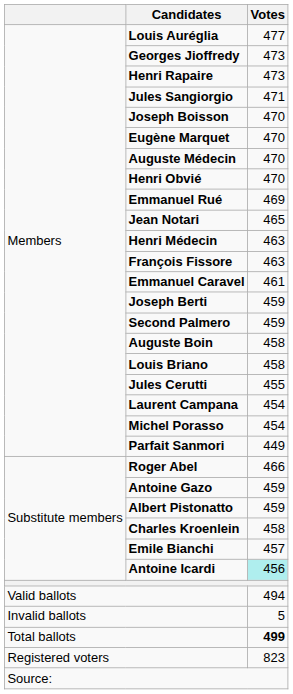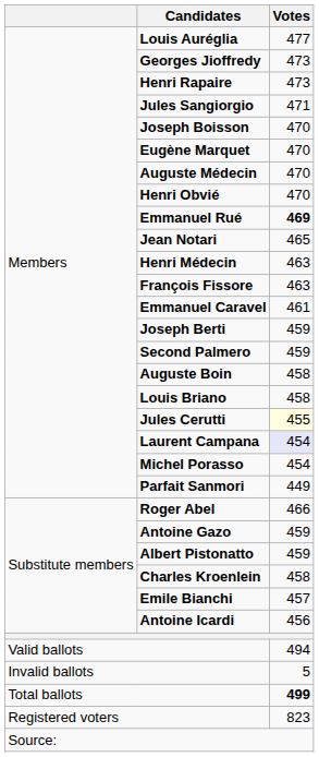 <table class="wikitable" style="text-align:right">
 <tr>
 <th></th>
 <th>Candidates</th>
 <th>Votes</th>
 </tr>
 <tr>
 <td rowspan="21" align="left">Members</td>
 <td align="left"><strong>Louis Auréglia</strong></td>
 <td>477</td>
 </tr>
 <tr>
 <td align="left"><strong>Georges Jioffredy</strong></td>
 <td>473</td>
 </tr>
 <tr>
 <td align="left"><strong>Henri Rapaire</strong></td>
 <td>473</td>
 </tr>
 <tr>
 <td align="left"><strong>Jules Sangiorgio</strong></td>
 <td>471</td>
 </tr>
 <tr>
 <td align="left"><strong>Joseph Boisson</strong></td>
 <td>470</td>
 </tr>
 <tr>
 <td align="left"><strong>Eugène Marquet</strong></td>
 <td>470</td>
 </tr>
 <tr>
 <td align="left"><strong>Auguste Médecin</strong></td>
 <td>470</td>
 </tr>
 <tr>
 <td align="left"><strong>Henri Obvié</strong></td>
 <td>470</td>
 </tr>
 <tr>
 <td align="left"><strong>Emmanuel Rué</strong></td>
-<td>469</td>
+<td><strong>469</strong></td>
 </tr>
 <tr>
 <td align="left"><strong>Jean Notari</strong></td>
 <td>465</td>
 </tr>
 <tr>
 <td align="left"><strong>Henri Médecin</strong></td>
 <td>463</td>
 </tr>
 <tr>
 <td align="left"><strong>François Fissore</strong></td>
 <td>463</td>
 </tr>
 <tr>
 <td align="left"><strong>Emmanuel Caravel</strong></td>
 <td>461</td>
 </tr>
 <tr>
 <td align="left"><strong>Joseph Berti</strong></td>
 <td>459</td>
 </tr>
 <tr>
 <td align="left"><strong>Second Palmero</strong></td>
 <td>459</td>
 </tr>
 <tr>
 <td align="left"><strong>Auguste Boin</strong></td>
 <td>458</td>
 </tr>
 <tr>
 <td align="left"><strong>Louis Briano</strong></td>
 <td>458</td>
 </tr>
 <tr>
 <td align="left"><strong>Jules Cerutti</strong></td>
-<td>455</td>
+<td style="background: lightyellow;">455</td>
 </tr>
 <tr>
 <td align="left"><strong>Laurent Campana</strong></td>
-<td>454</td>
+<td style="background: lavender;">454</td>
 </tr>
 <tr>
 <td align="left"><strong>Michel Porasso</strong></td>
 <td>454</td>
 </tr>
 <tr>
 <td align="left"><strong>Parfait Sanmori</strong></td>
 <td>449</td>
 </tr>
 <tr>
 <td rowspan="6" align="left">Substitute members</td>
 <td align="left"><strong>Roger Abel</strong></td>
 <td>466</td>
 </tr>
 <tr>
 <td align="left"><strong>Antoine Gazo</strong></td>
 <td>459</td>
 </tr>
 <tr>
 <td align="left"><strong>Albert Pistonatto</strong></td>
 <td>459</td>
 </tr>
 <tr>
 <td align="left"><strong>Charles Kroenlein</strong></td>
 <td>458</td>
 </tr>
 <tr>
 <td align="left"><strong>Emile Bianchi</strong></td>
 <td>457</td>
 </tr>
 <tr>
 <td align="left"><strong>Antoine Icardi</strong></td>
-<td style="background: paleturquoise;">456</td>
+<td>456</td>
 </tr>
 <tr>
 <th colspan=3></th>
 </tr>
 <tr>
 <td colspan="2" align="left">Valid ballots</td>
 <td>494</td>
 </tr>
 <tr>
 <td colspan="2" align="left">Invalid ballots</td>
 <td>5</td>
 </tr>
 <tr>
 <td colspan="2" align="left">Total ballots</td>
 <td><strong>499</strong></td>
 </tr>
 <tr>
 <td colspan="2" align="left">Registered voters</td>
 <td>823</td>
 </tr>
 <tr>
 <td colspan="3" align="left">Source:</td>
 </tr>
 </table>
